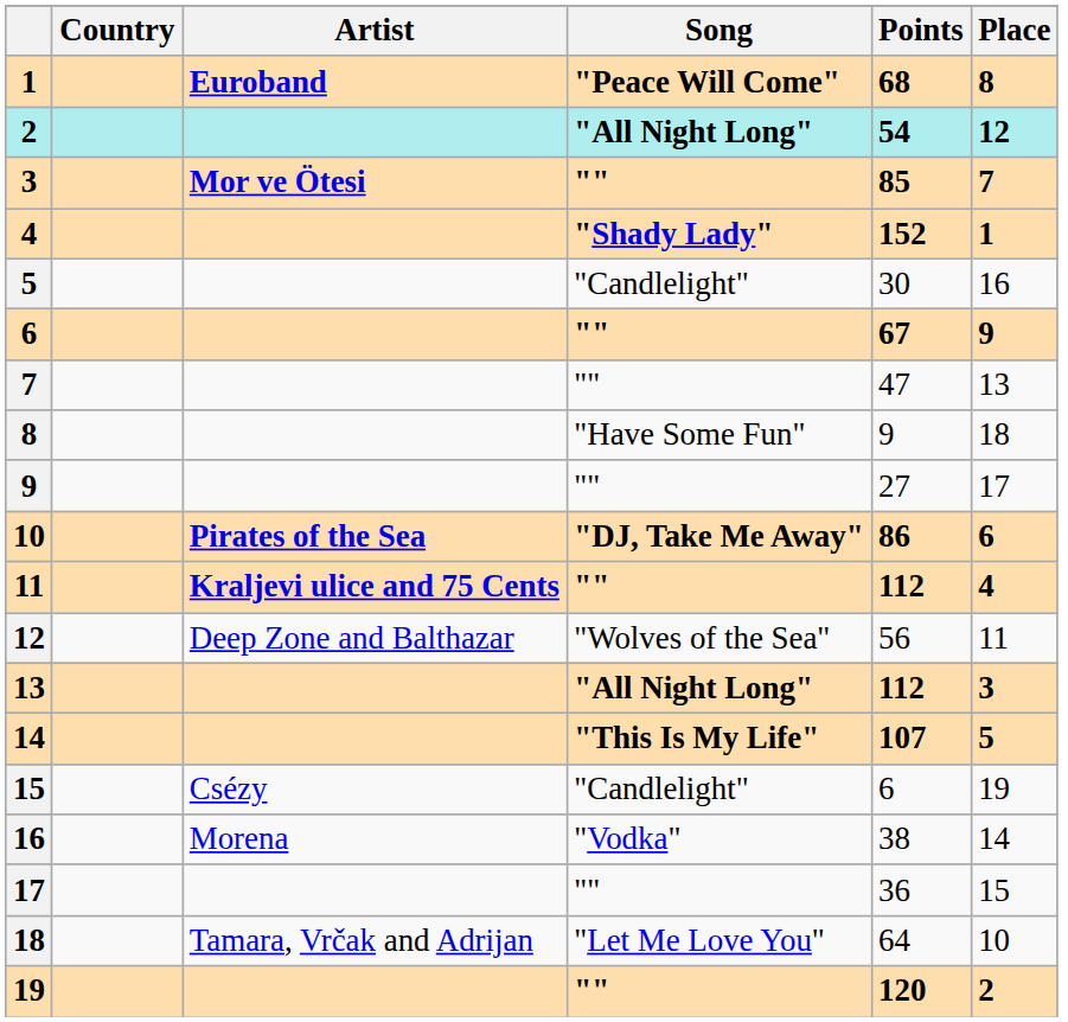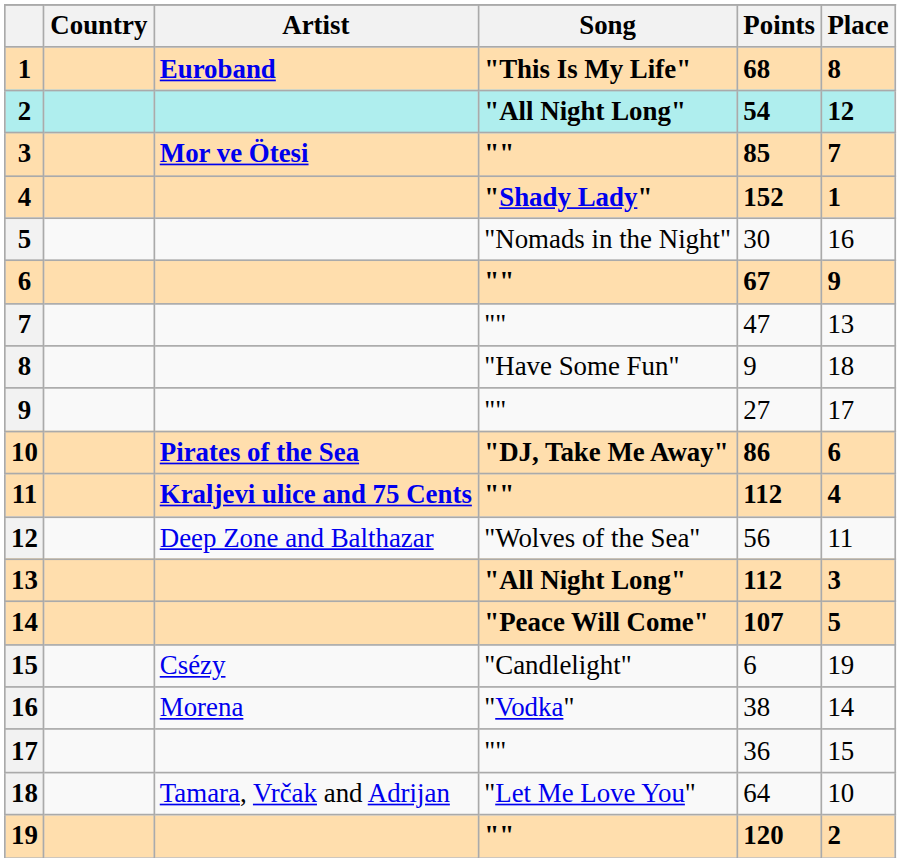 <table class="sortable wikitable plainrowheaders">
 <tr>
 </tr>
 <tr>
 <th scope="col"></th>
 <th scope="col">Country</th>
 <th scope="col">Artist</th>
 <th scope="col">Song</th>
 <th scope="col">Points</th>
 <th scope="col">Place</th>
 </tr>
 <tr style="font-weight:bold; background:navajowhite;">
 <th scope="row" style="text-align:center; font-weight:bold; background:navajowhite;">1</th>
 <td></td>
 <td><a href='#'>Euroband</a></td>
-<td>"Peace Will Come"</td>
+<td>"This Is My Life"</td>
 <td>68</td>
 <td>8</td>
 </tr>
 <tr style="font-weight:bold; background:paleturquoise;">
 <th scope="row" style="text-align:center; font-weight:bold; background:paleturquoise;">2</th>
 <td></td>
 <td></td>
 <td>"All Night Long"</td>
 <td>54</td>
 <td>12 </td>
 </tr>
 <tr style="font-weight:bold; background:navajowhite;">
 <th scope="row" style="text-align:center; font-weight:bold; background:navajowhite;">3</th>
 <td></td>
 <td><a href='#'>Mor ve Ötesi</a></td>
 <td>""</td>
 <td>85</td>
 <td>7</td>
 </tr>
 <tr style="font-weight:bold; background:navajowhite;">
 <th scope="row" style="text-align:center; font-weight:bold; background:navajowhite;">4</th>
 <td></td>
 <td></td>
 <td>"<a href='#'>Shady Lady</a>"</td>
 <td>152</td>
 <td>1</td>
 </tr>
 <tr>
 <th scope="row" style="text-align:center;">5</th>
 <td></td>
 <td></td>
-<td>"Candlelight"</td>
+<td>"Nomads in the Night"</td>
 <td>30</td>
 <td>16</td>
 </tr>
 <tr style="font-weight:bold; background:navajowhite;">
 <th scope="row" style="text-align:center; font-weight:bold; background:navajowhite;">6</th>
 <td></td>
 <td></td>
 <td>""</td>
 <td>67</td>
 <td>9</td>
 </tr>
 <tr>
 <th scope="row" style="text-align:center;">7</th>
 <td></td>
 <td></td>
 <td>""</td>
 <td>47</td>
 <td>13</td>
 </tr>
 <tr>
 <th scope="row" style="text-align:center;">8</th>
 <td></td>
 <td></td>
 <td>"Have Some Fun"</td>
 <td>9</td>
 <td>18</td>
 </tr>
 <tr>
 <th scope="row" style="text-align:center;">9</th>
 <td></td>
 <td></td>
 <td>""</td>
 <td>27</td>
 <td>17</td>
 </tr>
 <tr style="font-weight:bold; background:navajowhite;">
 <th scope="row" style="text-align:center; font-weight:bold; background:navajowhite;">10</th>
 <td></td>
 <td><a href='#'>Pirates of the Sea</a></td>
 <td>"DJ, Take Me Away"</td>
 <td>86</td>
 <td>6</td>
 </tr>
 <tr style="font-weight:bold; background:navajowhite;">
 <th scope="row" style="text-align:center; font-weight:bold; background:navajowhite;">11</th>
 <td></td>
 <td><a href='#'>Kraljevi ulice and 75 Cents</a></td>
 <td>""</td>
 <td>112</td>
 <td>4</td>
 </tr>
 <tr>
 <th scope="row" style="text-align:center;">12</th>
 <td></td>
 <td><a href='#'>Deep Zone and Balthazar</a></td>
 <td>"Wolves of the Sea"</td>
 <td>56</td>
 <td>11</td>
 </tr>
 <tr style="font-weight:bold; background:navajowhite;">
 <th scope="row" style="text-align:center; font-weight:bold; background:navajowhite;">13</th>
 <td></td>
 <td></td>
 <td>"All Night Long"</td>
 <td>112</td>
 <td>3</td>
 </tr>
 <tr style="font-weight:bold; background:navajowhite;">
 <th scope="row" style="text-align:center; font-weight:bold; background:navajowhite;">14</th>
 <td></td>
 <td></td>
-<td>"This Is My Life"</td>
+<td>"Peace Will Come"</td>
 <td>107</td>
 <td>5</td>
 </tr>
 <tr>
 <th scope="row" style="text-align:center;">15</th>
 <td></td>
 <td><a href='#'>Csézy</a></td>
 <td>"Candlelight"</td>
 <td>6</td>
 <td>19</td>
 </tr>
 <tr>
 <th scope="row" style="text-align:center;">16</th>
 <td></td>
 <td><a href='#'>Morena</a></td>
 <td>"<a href='#'>Vodka</a>"</td>
 <td>38</td>
 <td>14</td>
 </tr>
 <tr>
 <th scope="row" style="text-align:center;">17</th>
 <td></td>
 <td></td>
 <td>""</td>
 <td>36</td>
 <td>15</td>
 </tr>
 <tr>
 <th scope="row" style="text-align:center;">18</th>
 <td></td>
 <td><a href='#'>Tamara</a>, <a href='#'>Vrčak</a> and <a href='#'>Adrijan</a></td>
 <td>"<a href='#'>Let Me Love You</a>"</td>
 <td>64</td>
 <td>10</td>
 </tr>
 <tr style="font-weight:bold; background:navajowhite;">
 <th scope="row" style="text-align:center; font-weight:bold; background:navajowhite;">19</th>
 <td></td>
 <td></td>
 <td>""</td>
 <td>120</td>
 <td>2</td>
 </tr>
 </table>
